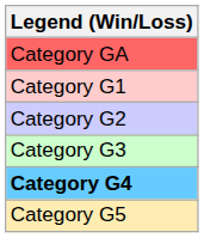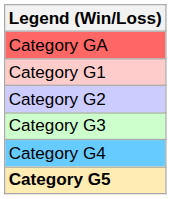 <table class=wikitable style="font-size:85%">
 <tr>
 <th>Legend (Win/Loss)</th>
 </tr>
 <tr bgcolor="#FF6666">
 <td>Category GA</td>
 </tr>
 <tr bgcolor="#ffcccc">
 <td>Category G1</td>
 </tr>
 <tr bgcolor="#ccccff">
 <td>Category G2</td>
 </tr>
 <tr bgcolor="#CCFFCC">
 <td>Category G3</td>
 </tr>
 <tr bgcolor="#66CCFF">
-<td><strong>Category G4</strong></td>
+<td>Category G4</td>
 </tr>
 <tr bgcolor="#ffecb2">
-<td>Category G5</td>
+<td><strong>Category G5</strong></td>
 </tr>
 </table>
